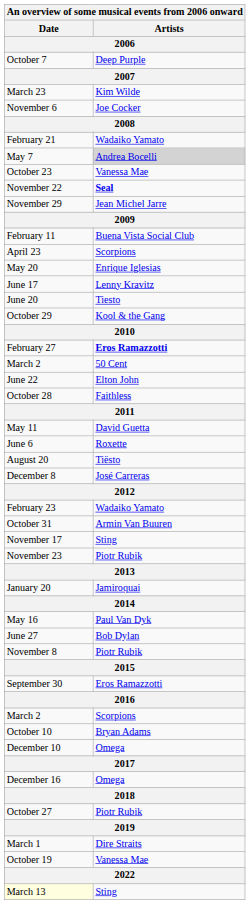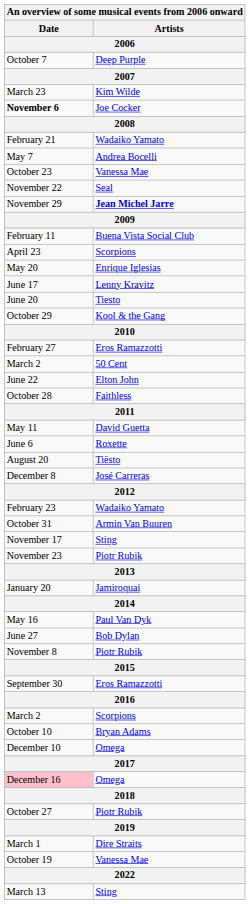 <table class="wikitable collapsible collapsed">
 <tr>
 <th colspan="2">An overview of some musical events from 2006 onward</th>
 </tr>
 <tr>
 <th>Date</th>
 <th>Artists</th>
 </tr>
 <tr style="background:#ddd;">
 <th colspan="2"><strong>2006</strong></th>
 </tr>
 <tr>
 <td>October 7</td>
 <td><a href='#'>Deep Purple</a></td>
 </tr>
 <tr style="background:#ddd;">
 <th colspan="2"><strong>2007</strong></th>
 </tr>
 <tr>
 <td>March 23</td>
 <td><a href='#'>Kim Wilde</a></td>
 </tr>
 <tr>
-<td>November 6</td>
+<td><strong>November 6</strong></td>
 <td><a href='#'>Joe Cocker</a></td>
 </tr>
 <tr style="background:#ddd;">
 <th colspan="2"><strong>2008</strong></th>
 </tr>
 <tr>
 <td>February 21</td>
 <td><a href='#'>Wadaiko Yamato</a></td>
 </tr>
 <tr>
 <td>May 7</td>
-<td style="background: lightgrey;"><a href='#'>Andrea Bocelli</a></td>
+<td><a href='#'>Andrea Bocelli</a></td>
 </tr>
 <tr>
 <td>October 23</td>
 <td><a href='#'>Vanessa Mae</a></td>
 </tr>
 <tr>
 <td>November 22</td>
-<td><strong><a href='#'>Seal</a></strong></td>
+<td><a href='#'>Seal</a></td>
 </tr>
 <tr>
 <td>November 29</td>
-<td><a href='#'>Jean Michel Jarre</a></td>
+<td><strong><a href='#'>Jean Michel Jarre</a></strong></td>
 </tr>
 <tr style="background:#ddd;">
 <th colspan="2"><strong>2009</strong></th>
 </tr>
 <tr>
 <td>February 11</td>
 <td><a href='#'>Buena Vista Social Club</a></td>
 </tr>
 <tr>
 <td>April 23</td>
 <td><a href='#'>Scorpions</a></td>
 </tr>
 <tr>
 <td>May 20</td>
 <td><a href='#'>Enrique Iglesias</a></td>
 </tr>
 <tr>
 <td>June 17</td>
 <td><a href='#'>Lenny Kravitz</a></td>
 </tr>
 <tr>
 <td>June 20</td>
 <td><a href='#'>Tiesto</a></td>
 </tr>
 <tr>
 <td>October 29</td>
 <td><a href='#'>Kool & the Gang</a></td>
 </tr>
 <tr style="background:#ddd;">
 <th colspan="2"><strong>2010</strong></th>
 </tr>
 <tr>
 <td>February 27</td>
-<td><strong><a href='#'>Eros Ramazzotti</a></strong></td>
+<td><a href='#'>Eros Ramazzotti</a></td>
 </tr>
 <tr>
 <td>March 2</td>
 <td><a href='#'>50 Cent</a></td>
 </tr>
 <tr>
 <td>June 22</td>
 <td><a href='#'>Elton John</a></td>
 </tr>
 <tr>
 <td>October 28</td>
 <td><a href='#'>Faithless</a></td>
 </tr>
 <tr style="background:#ddd;">
 <th colspan="2"><strong>2011</strong></th>
 </tr>
 <tr>
 <td>May 11</td>
 <td><a href='#'>David Guetta</a></td>
 </tr>
 <tr>
 <td>June 6</td>
 <td><a href='#'>Roxette</a></td>
 </tr>
 <tr>
 <td>August 20</td>
 <td><a href='#'>Tiësto</a></td>
 </tr>
 <tr>
 <td>December 8</td>
 <td><a href='#'>José Carreras</a></td>
 </tr>
 <tr style="background:#ddd;">
 <th colspan="2"><strong>2012</strong></th>
 </tr>
 <tr>
 <td>February 23</td>
 <td><a href='#'>Wadaiko Yamato</a></td>
 </tr>
 <tr>
 <td>October 31</td>
 <td><a href='#'>Armin Van Buuren</a></td>
 </tr>
 <tr>
 <td>November 17</td>
 <td><a href='#'>Sting</a></td>
 </tr>
 <tr>
 <td>November 23</td>
 <td><a href='#'>Piotr Rubik</a></td>
 </tr>
 <tr style="background:#ddd;">
 <th colspan="2"><strong>2013</strong></th>
 </tr>
 <tr>
 <td>January 20</td>
 <td><a href='#'>Jamiroquai</a></td>
 </tr>
 <tr style="background:#ddd;">
 <th colspan="3"><strong>2014</strong></th>
 </tr>
 <tr>
 <td>May 16</td>
 <td><a href='#'>Paul Van Dyk</a></td>
 </tr>
 <tr>
 <td>June 27</td>
 <td><a href='#'>Bob Dylan</a></td>
 </tr>
 <tr>
 <td>November 8</td>
 <td><a href='#'>Piotr Rubik</a></td>
 </tr>
 <tr style="background:#ddd;">
 <th colspan="2"><strong>2015</strong></th>
 </tr>
 <tr>
 <td>September 30</td>
 <td><a href='#'>Eros Ramazzotti</a></td>
 </tr>
 <tr style="background:#ddd;">
 <th colspan="2"><strong>2016</strong></th>
 </tr>
 <tr>
 <td>March 2</td>
 <td><a href='#'>Scorpions</a></td>
 </tr>
 <tr>
 <td>October 10</td>
 <td><a href='#'>Bryan Adams</a></td>
 </tr>
 <tr>
 <td>December 10</td>
 <td><a href='#'>Omega</a></td>
 </tr>
 <tr style="background:#ddd;">
 <th colspan="2"><strong>2017</strong></th>
 </tr>
 <tr>
-<td>December 16</td>
+<td style="background: pink;">December 16</td>
 <td><a href='#'>Omega</a></td>
 </tr>
 <tr style="background:#ddd;">
 <th colspan="2"><strong>2018</strong></th>
 </tr>
 <tr>
 <td>October 27</td>
 <td><a href='#'>Piotr Rubik</a></td>
 </tr>
 <tr style="background:#ddd;">
 <th colspan="2"><strong>2019</strong></th>
 </tr>
 <tr>
 <td>March 1</td>
 <td><a href='#'>Dire Straits</a></td>
 </tr>
 <tr>
 <td>October 19</td>
 <td><a href='#'>Vanessa Mae</a></td>
 </tr>
 <tr style="background:#ddd;">
 <th colspan="2"><strong>2022</strong></th>
 </tr>
 <tr>
-<td style="background: lightyellow;">March 13</td>
+<td>March 13</td>
 <td><a href='#'>Sting</a></td>
 </tr>
 </table>
